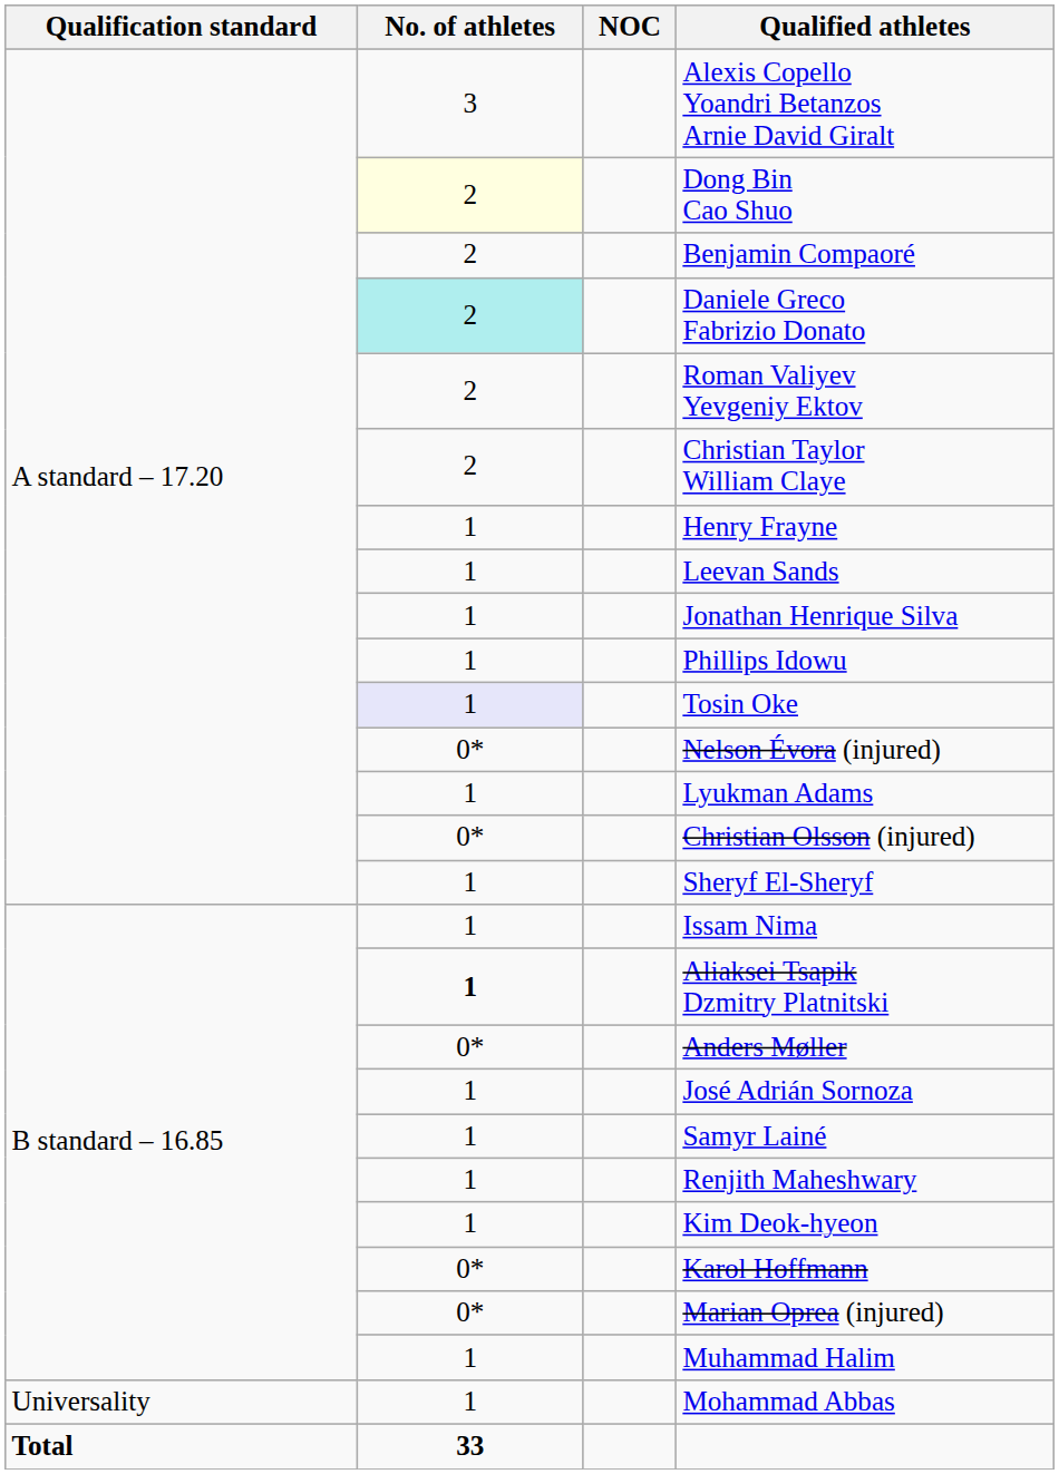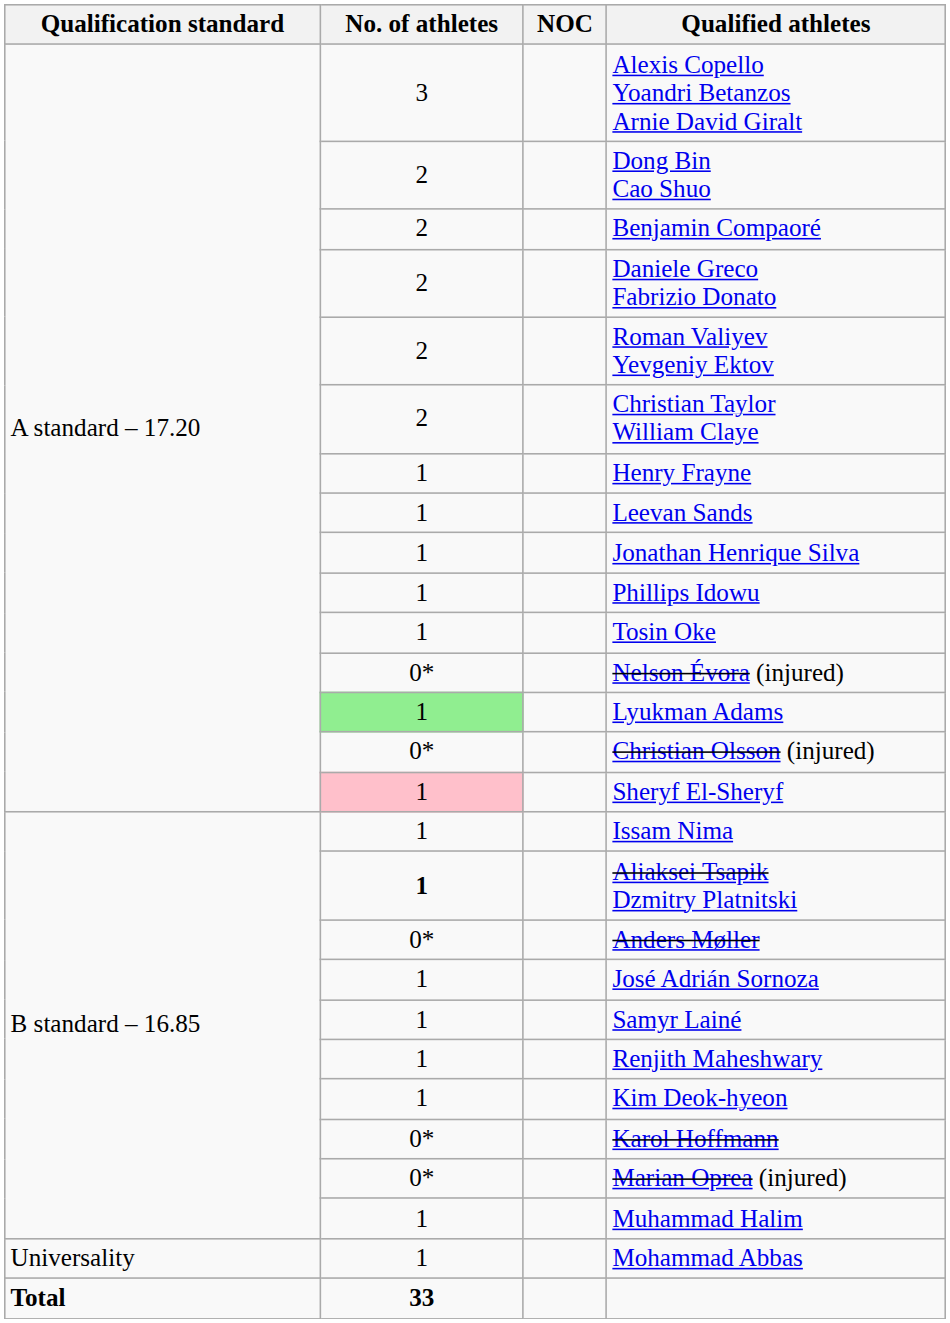 <table class="wikitable"  style="text-align:left; width:600px;">
 <tr>
 <th>Qualification standard</th>
 <th>No. of athletes</th>
 <th>NOC</th>
 <th>Qualified athletes</th>
 </tr>
 <tr>
 <td rowspan="15">A standard – 17.20</td>
 <td align=center>3</td>
 <td></td>
 <td><a href='#'>Alexis Copello</a><br><a href='#'>Yoandri Betanzos</a><br><a href='#'>Arnie David Giralt</a></td>
 </tr>
 <tr>
-<td align=center style="background: lightyellow;">2</td>
+<td align=center>2</td>
 <td></td>
 <td><a href='#'>Dong Bin</a><br><a href='#'>Cao Shuo</a></td>
 </tr>
 <tr>
 <td align=center>2</td>
 <td></td>
 <td><a href='#'>Benjamin Compaoré</a></td>
 </tr>
 <tr>
-<td align=center style="background: paleturquoise;">2</td>
+<td align=center>2</td>
 <td></td>
 <td><a href='#'>Daniele Greco</a><br><a href='#'>Fabrizio Donato</a></td>
 </tr>
 <tr>
 <td align=center>2</td>
 <td></td>
 <td><a href='#'>Roman Valiyev</a><br><a href='#'>Yevgeniy Ektov</a></td>
 </tr>
 <tr>
 <td align=center>2</td>
 <td></td>
 <td><a href='#'>Christian Taylor</a><br><a href='#'>William Claye</a></td>
 </tr>
 <tr>
 <td align=center>1</td>
 <td></td>
 <td><a href='#'>Henry Frayne</a></td>
 </tr>
 <tr>
 <td align=center>1</td>
 <td></td>
 <td><a href='#'>Leevan Sands</a></td>
 </tr>
 <tr>
 <td align=center>1</td>
 <td></td>
 <td><a href='#'>Jonathan Henrique Silva</a></td>
 </tr>
 <tr>
 <td align=center>1</td>
 <td></td>
 <td><a href='#'>Phillips Idowu</a></td>
 </tr>
 <tr>
-<td align=center style="background: lavender;">1</td>
+<td align=center>1</td>
 <td></td>
 <td><a href='#'>Tosin Oke</a></td>
 </tr>
 <tr>
 <td align=center>0*</td>
 <td></td>
 <td><s><a href='#'>Nelson Évora</a></s> (injured)</td>
 </tr>
 <tr>
-<td align=center>1</td>
+<td align=center style="background: lightgreen;">1</td>
 <td></td>
 <td><a href='#'>Lyukman Adams</a></td>
 </tr>
 <tr>
 <td align=center>0*</td>
 <td></td>
 <td><s><a href='#'>Christian Olsson</a></s> (injured)</td>
 </tr>
 <tr>
-<td align=center>1</td>
+<td align=center style="background: pink;">1</td>
 <td></td>
 <td><a href='#'>Sheryf El-Sheryf</a></td>
 </tr>
 <tr>
 <td rowspan="10">B standard – 16.85</td>
 <td align=center>1</td>
 <td></td>
 <td><a href='#'>Issam Nima</a></td>
 </tr>
 <tr>
 <td align=center><strong>1</strong></td>
 <td></td>
 <td><s><a href='#'>Aliaksei Tsapik</a></s> <br> <a href='#'>Dzmitry Platnitski</a></td>
 </tr>
 <tr>
 <td align=center>0*</td>
 <td></td>
 <td><s><a href='#'>Anders Møller</a></s></td>
 </tr>
 <tr>
 <td align=center>1</td>
 <td></td>
 <td><a href='#'>José Adrián Sornoza</a></td>
 </tr>
 <tr>
 <td align=center>1</td>
 <td></td>
 <td><a href='#'>Samyr Lainé</a></td>
 </tr>
 <tr>
 <td align=center>1</td>
 <td></td>
 <td><a href='#'>Renjith Maheshwary</a></td>
 </tr>
 <tr>
 <td align=center>1</td>
 <td></td>
 <td><a href='#'>Kim Deok-hyeon</a></td>
 </tr>
 <tr>
 <td align=center>0*</td>
 <td></td>
 <td><s><a href='#'>Karol Hoffmann</a></s></td>
 </tr>
 <tr>
 <td align=center>0*</td>
 <td></td>
 <td><s><a href='#'>Marian Oprea</a></s> (injured)</td>
 </tr>
 <tr>
 <td align=center>1</td>
 <td></td>
 <td><a href='#'>Muhammad Halim</a></td>
 </tr>
 <tr>
 <td>Universality</td>
 <td align=center>1</td>
 <td></td>
 <td><a href='#'>Mohammad Abbas</a></td>
 </tr>
 <tr>
 <td><strong>Total</strong></td>
 <td align=center><strong>33</strong></td>
 <td></td>
 <td></td>
 </tr>
 </table>
